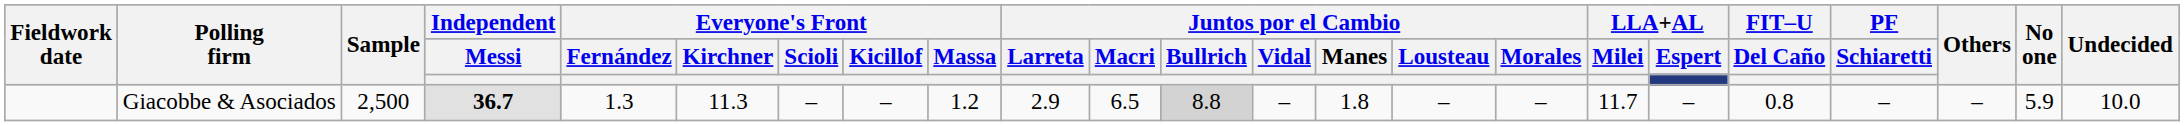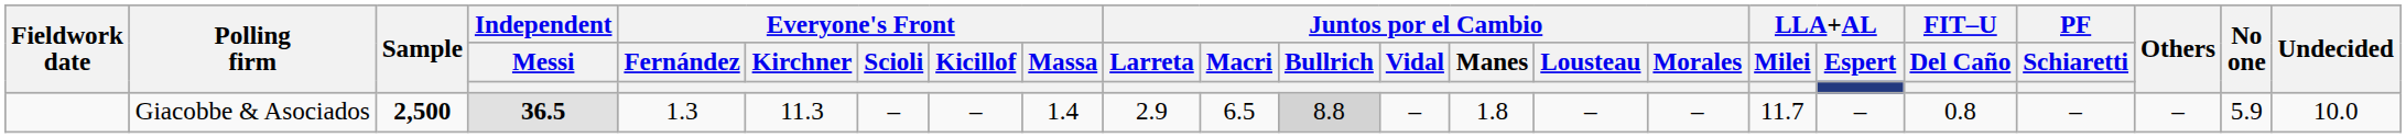 <table class="wikitable" style="text-align:center;font-size:85%;line-height:14px;">
 <tr>
 <th rowspan="3">Fieldwork<br>date</th>
 <th rowspan="3">Polling<br>firm</th>
 <th rowspan="3">Sample</th>
 <th><a href='#'>Independent</a></th>
 <th colspan="5"><a href='#'>Everyone's Front</a></th>
 <th colspan="7"><a href='#'>Juntos por el Cambio</a></th>
 <th colspan="2"><a href='#'>LLA</a>+<a href='#'>AL</a></th>
 <th colspan="1"><a href='#'>FIT–U</a></th>
 <th colspan="1"><a href='#'>PF</a></th>
 <th rowspan="3">Others</th>
 <th rowspan="3">No<br>one</th>
 <th rowspan="3">Undecided</th>
 </tr>
 <tr>
 <th><a href='#'>Messi</a></th>
 <th><a href='#'>Fernández</a></th>
 <th><a href='#'>Kirchner</a></th>
 <th><a href='#'>Scioli</a></th>
 <th><a href='#'>Kicillof</a></th>
 <th><a href='#'>Massa</a></th>
 <th><a href='#'>Larreta</a></th>
 <th><a href='#'>Macri</a></th>
 <th><a href='#'>Bullrich</a></th>
 <th><a href='#'>Vidal</a></th>
 <th>Manes</th>
 <th><a href='#'>Lousteau</a></th>
 <th><a href='#'>Morales</a></th>
 <th><a href='#'>Milei</a></th>
 <th><a href='#'>Espert</a></th>
 <th><a href='#'>Del Caño</a></th>
 <th><a href='#'>Schiaretti</a></th>
 </tr>
 <tr>
 <th style="background:"></th>
 <th colspan="5" style="background:"></th>
 <th colspan="7" style="background:"></th>
 <th style="background:"></th>
 <th style="background:#23397F; width:40px;"></th>
 <th style="background:"></th>
 <th style="background:"></th>
 </tr>
 <tr>
 <td></td>
 <td>Giacobbe & Asociados</td>
-<td>2,500</td>
-<td bgcolor="#E1E1E1"><strong>36.7</strong></td>
+<td><strong>2,500</strong></td>
+<td bgcolor="#E1E1E1"><strong>36.5</strong></td>
 <td>1.3</td>
 <td>11.3</td>
 <td>–</td>
 <td>–</td>
-<td>1.2</td>
+<td>1.4</td>
 <td>2.9</td>
 <td>6.5</td>
 <td style="background: lightgrey;">8.8</td>
 <td>–</td>
 <td>1.8</td>
 <td>–</td>
 <td>–</td>
 <td>11.7</td>
 <td>–</td>
 <td>0.8</td>
 <td>–</td>
 <td>–</td>
 <td>5.9</td>
 <td>10.0</td>
 </tr>
 </table>
